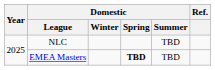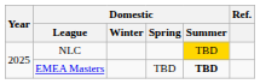 <table class="wikitable" style="font-size:90%; text-align:center;">
 <tr>
 <th rowspan="2">Year</th>
 <th colspan="4">Domestic</th>
 <th>Ref.</th>
 </tr>
 <tr>
 <th>League</th>
 <th>Winter</th>
 <th>Spring</th>
 <th>Summer</th>
 <th></th>
 </tr>
 <tr>
 <td rowspan="2">2025</td>
 <td>NLC</td>
 <td></td>
 <td></td>
-<td>TBD</td>
+<td style="background: gold;">TBD</td>
 <td></td>
 </tr>
 <tr>
 <td><a href='#'>EMEA Masters</a></td>
 <td></td>
+<td>TBD</td>
 <td><strong>TBD</strong></td>
-<td>TBD</td>
 <td></td>
 </tr>
 </table>
